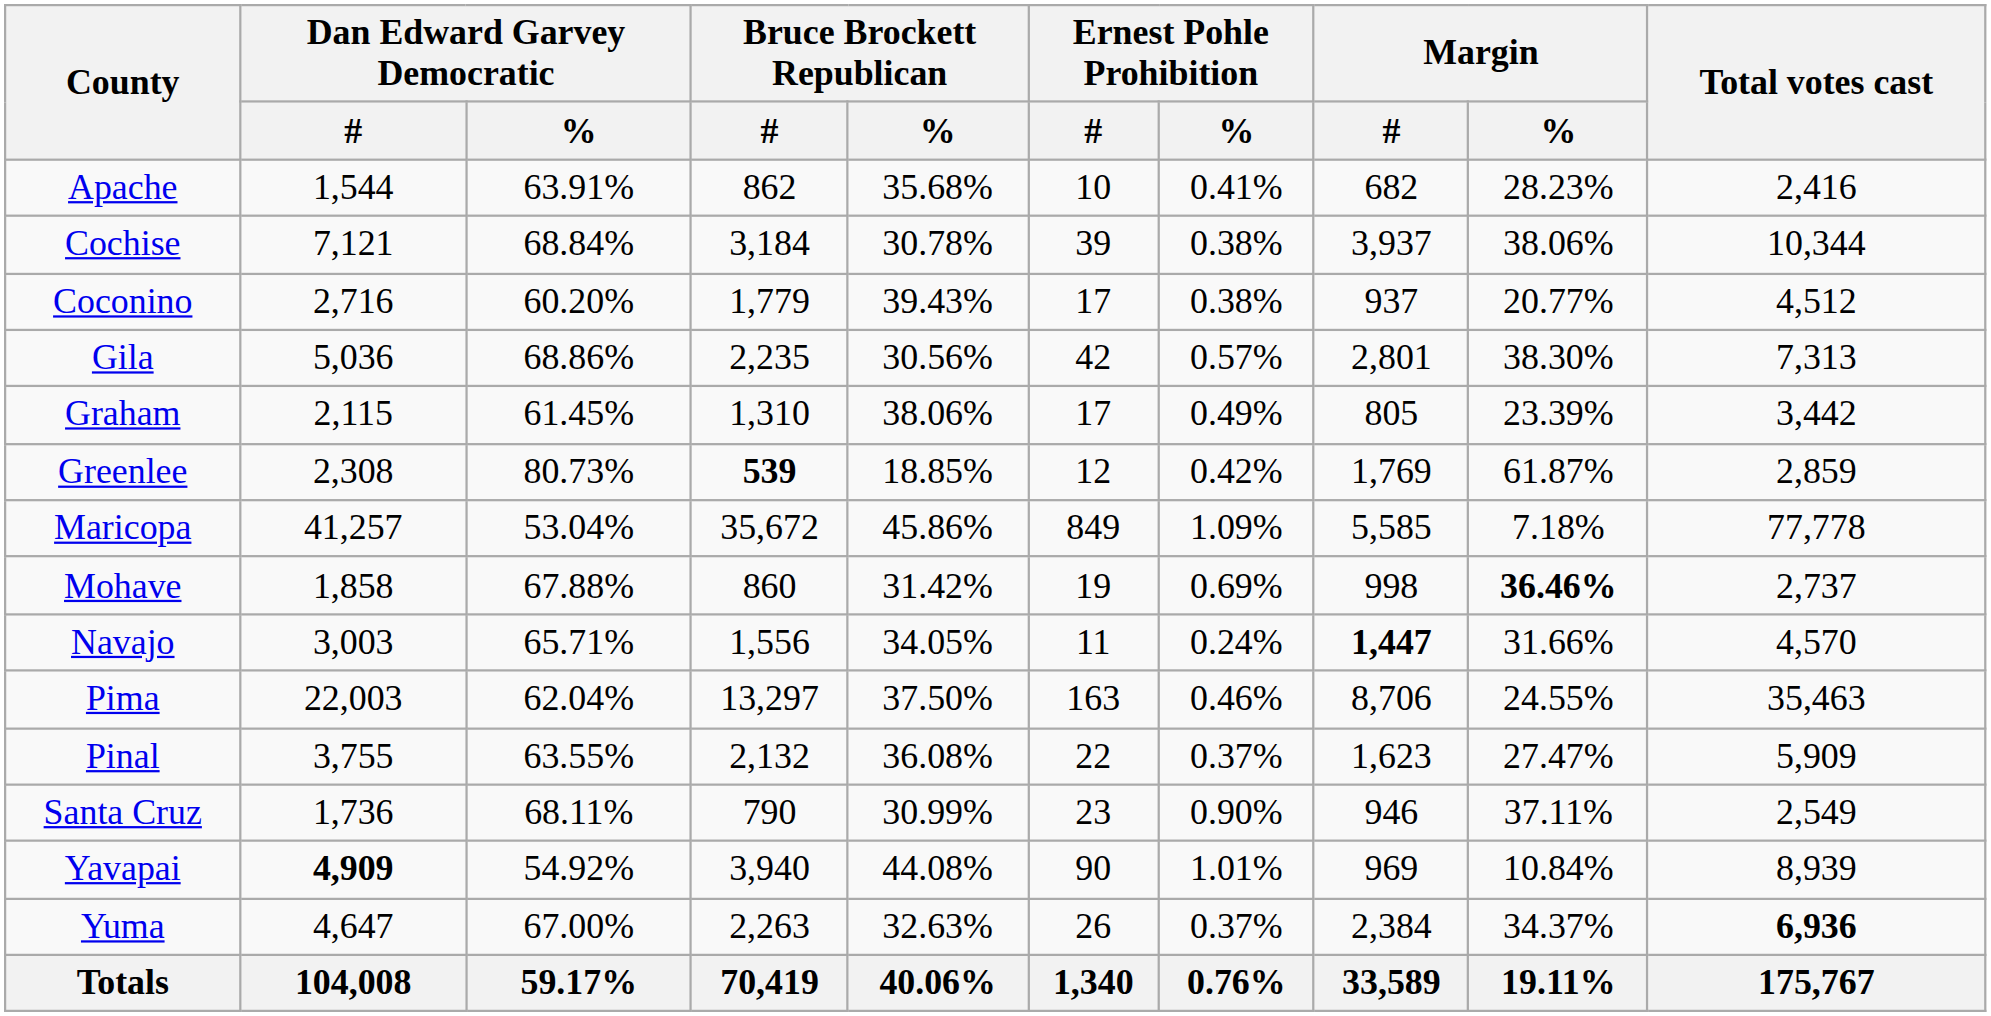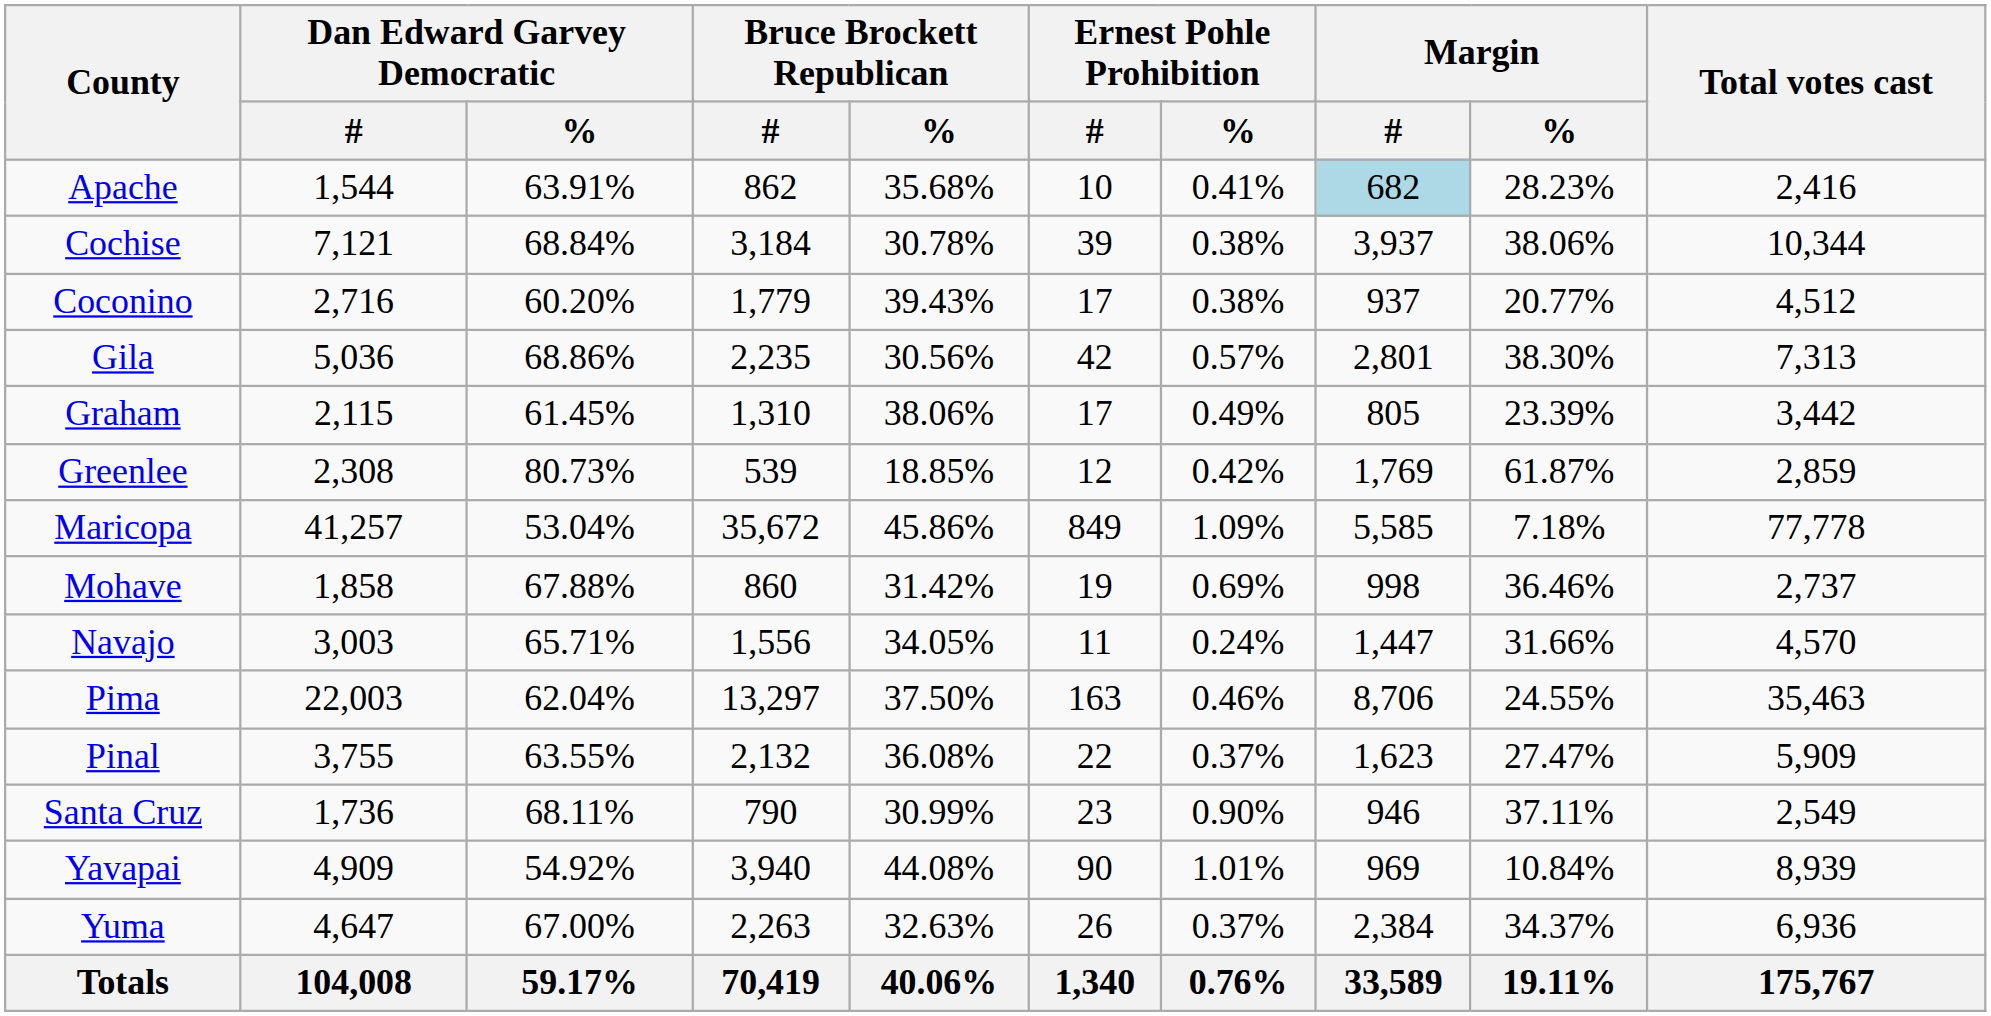 <table width="70%" class="wikitable sortable" style="text-align:center">
 <tr>
 <th rowspan="2">County</th>
 <th style="text-align:center;" colspan="2">Dan Edward Garvey<br>Democratic</th>
 <th style="text-align:center;" colspan="2">Bruce Brockett<br>Republican</th>
 <th style="text-align:center;" colspan="2">Ernest Pohle<br>Prohibition</th>
 <th style="text-align:center;" colspan="2">Margin</th>
 <th style="text-align:center;" rowspan="2">Total votes cast</th>
 </tr>
 <tr>
 <th style="text-align:center;" data-sort-type="number">#</th>
 <th style="text-align:center;" data-sort-type="number">%</th>
 <th style="text-align:center;" data-sort-type="number">#</th>
 <th style="text-align:center;" data-sort-type="number">%</th>
 <th style="text-align:center;" data-sort-type="number">#</th>
 <th style="text-align:center;" data-sort-type="number">%</th>
 <th style="text-align:center;" data-sort-type="number">#</th>
 <th style="text-align:center;" data-sort-type="number">%</th>
 </tr>
 <tr style="text-align:center;">
 <td><a href='#'>Apache</a></td>
 <td>1,544</td>
 <td>63.91%</td>
 <td>862</td>
 <td>35.68%</td>
 <td>10</td>
 <td>0.41%</td>
-<td>682</td>
+<td style="background: lightblue;">682</td>
 <td>28.23%</td>
 <td>2,416</td>
 </tr>
 <tr style="text-align:center;">
 <td><a href='#'>Cochise</a></td>
 <td>7,121</td>
 <td>68.84%</td>
 <td>3,184</td>
 <td>30.78%</td>
 <td>39</td>
 <td>0.38%</td>
 <td>3,937</td>
 <td>38.06%</td>
 <td>10,344</td>
 </tr>
 <tr style="text-align:center;">
 <td><a href='#'>Coconino</a></td>
 <td>2,716</td>
 <td>60.20%</td>
 <td>1,779</td>
 <td>39.43%</td>
 <td>17</td>
 <td>0.38%</td>
 <td>937</td>
 <td>20.77%</td>
 <td>4,512</td>
 </tr>
 <tr style="text-align:center;">
 <td><a href='#'>Gila</a></td>
 <td>5,036</td>
 <td>68.86%</td>
 <td>2,235</td>
 <td>30.56%</td>
 <td>42</td>
 <td>0.57%</td>
 <td>2,801</td>
 <td>38.30%</td>
 <td>7,313</td>
 </tr>
 <tr style="text-align:center;">
 <td><a href='#'>Graham</a></td>
 <td>2,115</td>
 <td>61.45%</td>
 <td>1,310</td>
 <td>38.06%</td>
 <td>17</td>
 <td>0.49%</td>
 <td>805</td>
 <td>23.39%</td>
 <td>3,442</td>
 </tr>
 <tr style="text-align:center;">
 <td><a href='#'>Greenlee</a></td>
 <td>2,308</td>
 <td>80.73%</td>
-<td><strong>539</strong></td>
+<td>539</td>
 <td>18.85%</td>
 <td>12</td>
 <td>0.42%</td>
 <td>1,769</td>
 <td>61.87%</td>
 <td>2,859</td>
 </tr>
 <tr style="text-align:center;">
 <td><a href='#'>Maricopa</a></td>
 <td>41,257</td>
 <td>53.04%</td>
 <td>35,672</td>
 <td>45.86%</td>
 <td>849</td>
 <td>1.09%</td>
 <td>5,585</td>
 <td>7.18%</td>
 <td>77,778</td>
 </tr>
 <tr style="text-align:center;">
 <td><a href='#'>Mohave</a></td>
 <td>1,858</td>
 <td>67.88%</td>
 <td>860</td>
 <td>31.42%</td>
 <td>19</td>
 <td>0.69%</td>
 <td>998</td>
-<td><strong>36.46%</strong></td>
+<td>36.46%</td>
 <td>2,737</td>
 </tr>
 <tr style="text-align:center;">
 <td><a href='#'>Navajo</a></td>
 <td>3,003</td>
 <td>65.71%</td>
 <td>1,556</td>
 <td>34.05%</td>
 <td>11</td>
 <td>0.24%</td>
-<td><strong>1,447</strong></td>
+<td>1,447</td>
 <td>31.66%</td>
 <td>4,570</td>
 </tr>
 <tr style="text-align:center;">
 <td><a href='#'>Pima</a></td>
 <td>22,003</td>
 <td>62.04%</td>
 <td>13,297</td>
 <td>37.50%</td>
 <td>163</td>
 <td>0.46%</td>
 <td>8,706</td>
 <td>24.55%</td>
 <td>35,463</td>
 </tr>
 <tr style="text-align:center;">
 <td><a href='#'>Pinal</a></td>
 <td>3,755</td>
 <td>63.55%</td>
 <td>2,132</td>
 <td>36.08%</td>
 <td>22</td>
 <td>0.37%</td>
 <td>1,623</td>
 <td>27.47%</td>
 <td>5,909</td>
 </tr>
 <tr style="text-align:center;">
 <td><a href='#'>Santa Cruz</a></td>
 <td>1,736</td>
 <td>68.11%</td>
 <td>790</td>
 <td>30.99%</td>
 <td>23</td>
 <td>0.90%</td>
 <td>946</td>
 <td>37.11%</td>
 <td>2,549</td>
 </tr>
 <tr style="text-align:center;">
 <td><a href='#'>Yavapai</a></td>
-<td><strong>4,909</strong></td>
+<td>4,909</td>
 <td>54.92%</td>
 <td>3,940</td>
 <td>44.08%</td>
 <td>90</td>
 <td>1.01%</td>
 <td>969</td>
 <td>10.84%</td>
 <td>8,939</td>
 </tr>
 <tr style="text-align:center;">
 <td><a href='#'>Yuma</a></td>
 <td>4,647</td>
 <td>67.00%</td>
 <td>2,263</td>
 <td>32.63%</td>
 <td>26</td>
 <td>0.37%</td>
 <td>2,384</td>
 <td>34.37%</td>
-<td><strong>6,936</strong></td>
+<td>6,936</td>
 </tr>
 <tr style="text-align:center;">
 <th>Totals</th>
 <th>104,008</th>
 <th>59.17%</th>
 <th>70,419</th>
 <th>40.06%</th>
 <th>1,340</th>
 <th>0.76%</th>
 <th>33,589</th>
 <th>19.11%</th>
 <th>175,767</th>
 </tr>
 </table>
